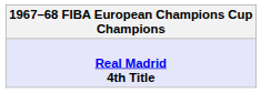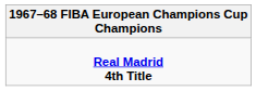 <table class=wikitable style="text-align:center; margin:auto">
 <tr>
 <th>1967–68 FIBA European Champions Cup<br>Champions</th>
 </tr>
 <tr>
-<td style="background: lavender;"> <br> <strong><a href='#'>Real Madrid</a></strong> <br> <strong>4th Title</strong></td>
+<td> <br> <strong><a href='#'>Real Madrid</a></strong> <br> <strong>4th Title</strong></td>
 </tr>
 </table>
